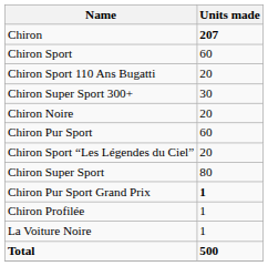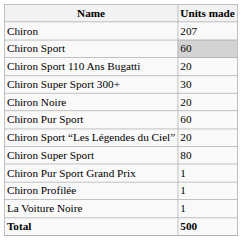 <table class="wikitable">
 <tr>
 <th>Name</th>
 <th colspan="2">Units made</th>
 </tr>
 <tr>
 <td>Chiron</td>
-<td><strong>207</strong></td>
+<td>207</td>
 </tr>
 <tr>
 <td>Chiron Sport</td>
-<td>60</td>
+<td style="background: lightgrey;">60</td>
 </tr>
 <tr>
 <td>Chiron Sport 110 Ans Bugatti</td>
 <td>20</td>
 </tr>
 <tr>
 <td>Chiron Super Sport 300+</td>
 <td>30</td>
 </tr>
 <tr>
 <td>Chiron Noire</td>
 <td>20</td>
 </tr>
 <tr>
 <td>Chiron Pur Sport</td>
 <td>60</td>
 </tr>
 <tr>
 <td>Chiron Sport “Les Légendes du Ciel”</td>
 <td>20</td>
 </tr>
 <tr>
 <td>Chiron Super Sport</td>
 <td>80</td>
 </tr>
 <tr>
 <td>Chiron Pur Sport Grand Prix</td>
-<td><strong>1</strong></td>
+<td>1</td>
 </tr>
 <tr>
 <td>Chiron Profilée</td>
 <td>1</td>
 </tr>
 <tr>
 <td>La Voiture Noire</td>
 <td>1</td>
 </tr>
 <tr>
 <td><strong>Total</strong></td>
 <td><strong>500</strong></td>
 </tr>
 <tr>
 </tr>
 </table>
